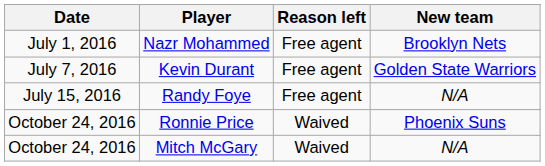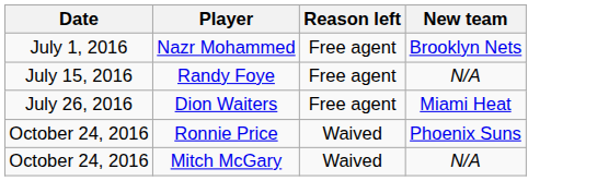 <table class="wikitable" style="text-align: center">
 <tr>
 <th>Date</th>
 <th>Player</th>
 <th>Reason left</th>
 <th>New team</th>
 </tr>
 <tr style="text-align: center">
 <td>July 1, 2016</td>
 <td><a href='#'>Nazr Mohammed</a></td>
 <td>Free agent</td>
 <td><a href='#'>Brooklyn Nets</a></td>
 </tr>
 <tr style="text-align: center">
-<td>July 7, 2016</td>
-<td><a href='#'>Kevin Durant</a></td>
-<td>Free agent</td>
-<td><a href='#'>Golden State Warriors</a></td>
-</tr>
-<tr style="text-align: center">
 <td>July 15, 2016</td>
 <td><a href='#'>Randy Foye</a></td>
 <td>Free agent</td>
 <td><em>N/A</em></td>
+</tr>
+<tr style="text-align: center">
+<td>July 26, 2016</td>
+<td><a href='#'>Dion Waiters</a></td>
+<td>Free agent</td>
+<td><a href='#'>Miami Heat</a></td>
 </tr>
 <tr style="text-align: center">
 <td>October 24, 2016</td>
 <td><a href='#'>Ronnie Price</a></td>
 <td>Waived</td>
 <td><a href='#'>Phoenix Suns</a></td>
 </tr>
 <tr style="text-align: center">
 <td>October 24, 2016</td>
 <td><a href='#'>Mitch McGary</a></td>
 <td>Waived</td>
 <td><em>N/A</em></td>
 </tr>
 </table>
